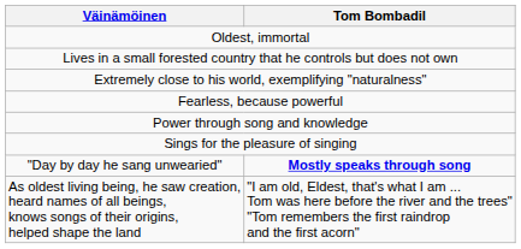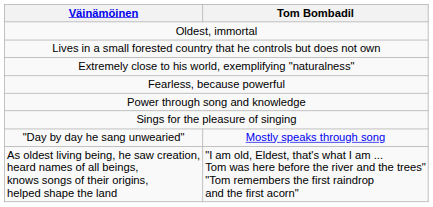 <table class="wikitable" style="margin-left: auto; margin-right: auto; border: none;">
 <tr>
 <th><a href='#'>Väinämöinen</a></th>
 <th>Tom Bombadil</th>
 </tr>
 <tr>
 <td colspan=2; style="text-align: center;">Oldest, immortal</td>
 </tr>
 <tr>
 <td colspan=2; style="text-align: center;">Lives in a small forested country that he controls but does not own</td>
 </tr>
 <tr>
 <td colspan=2; style="text-align: center;">Extremely close to his world, exemplifying "naturalness"</td>
 </tr>
 <tr>
 <td colspan=2; style="text-align: center;">Fearless, because powerful</td>
 </tr>
 <tr>
 <td colspan=2; style="text-align: center;">Power through song and knowledge</td>
 </tr>
 <tr>
 <td colspan=2; style="text-align: center;">Sings for the pleasure of singing</td>
 </tr>
 <tr>
 <td style="text-align: center;">"Day by day he sang unwearied"</td>
-<td style="text-align: center;"><strong><a href='#'>Mostly speaks through song</a></strong></td>
+<td style="text-align: center;"><a href='#'>Mostly speaks through song</a></td>
 </tr>
 <tr>
 <td>As oldest living being, he saw creation,<br>heard names of all beings,<br>knows songs of their origins,<br>helped shape the land</td>
 <td>"I am old, Eldest, that's what I am ...<br>Tom was here before the river and the trees"<br>"Tom remembers the first raindrop<br>and the first acorn"</td>
 </tr>
 </table>
